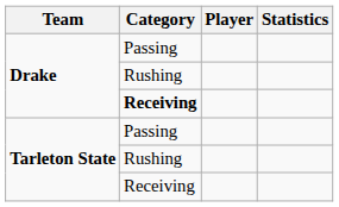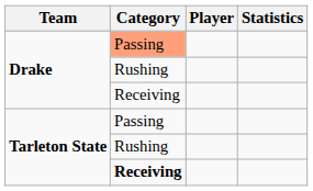 <table class="wikitable" style="float: right;">
 <tr>
 <th>Team</th>
 <th>Category</th>
 <th>Player</th>
 <th>Statistics</th>
 </tr>
 <tr>
 <td rowspan=3><strong>Drake</strong></td>
-<td>Passing</td>
+<td style="background: lightsalmon;">Passing</td>
 <td></td>
 <td></td>
 </tr>
 <tr>
 <td>Rushing</td>
 <td></td>
 <td></td>
 </tr>
 <tr>
-<td><strong>Receiving</strong></td>
+<td>Receiving</td>
 <td></td>
 <td></td>
 </tr>
 <tr>
 <td rowspan=3><strong>Tarleton State</strong></td>
 <td>Passing</td>
 <td></td>
 <td></td>
 </tr>
 <tr>
 <td>Rushing</td>
 <td></td>
 <td></td>
 </tr>
 <tr>
-<td>Receiving</td>
+<td><strong>Receiving</strong></td>
 <td></td>
 <td></td>
 </tr>
 </table>
